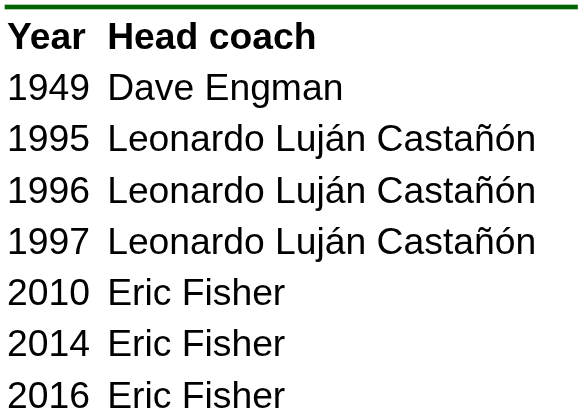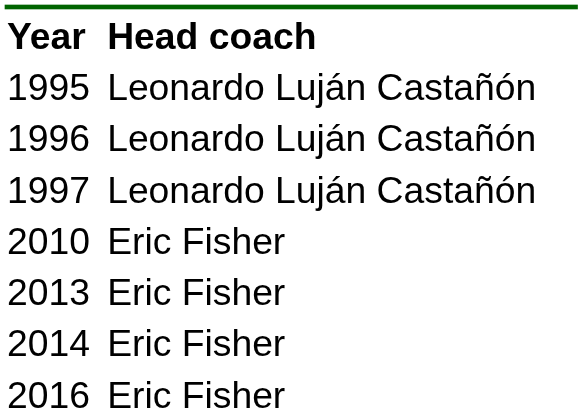 <table class="toccolours" style="fixed: center; margin-center: 1em;" width="250px">
 <tr>
 <th colspan="2" style="text-align: center; background:#006400"></th>
 </tr>
 <tr>
 <td><strong>Year</strong></td>
 <td><strong>Head coach</strong></td>
-</tr>
-<tr>
-<td>1949</td>
-<td>Dave Engman</td>
 </tr>
 <tr>
 <td>1995</td>
 <td>Leonardo Luján Castañón</td>
 </tr>
 <tr>
 <td>1996</td>
 <td>Leonardo Luján Castañón</td>
 </tr>
 <tr>
 <td>1997</td>
 <td>Leonardo Luján Castañón</td>
 </tr>
 <tr>
 <td>2010</td>
 <td>Eric Fisher</td>
 </tr>
 <tr>
+<td>2013</td>
+<td>Eric Fisher</td>
+</tr>
+<tr>
 <td>2014</td>
 <td>Eric Fisher</td>
 </tr>
 <tr>
 <td>2016</td>
 <td>Eric Fisher</td>
 </tr>
 </table>
